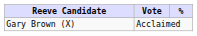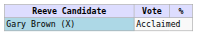 <table class="wikitable">
 <tr>
 <th style="background:#ddf; width:200px;">Reeve Candidate</th>
 <th style="background:#ddf; width:50px;">Vote</th>
 <th style="background:#ddf; width:30px;">%</th>
 </tr>
 <tr>
-<td>Gary Brown (X)</td>
+<td style="background: lightblue;">Gary Brown (X)</td>
 <td colspan="2">Acclaimed</td>
 </tr>
 </table>
